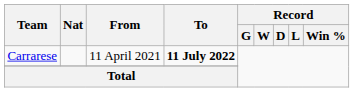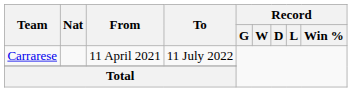 <table class="wikitable" style="text-align: center">
 <tr>
 <th rowspan="2">Team</th>
 <th rowspan="2">Nat</th>
 <th rowspan="2">From</th>
 <th rowspan="2">To</th>
 <th colspan="5">Record</th>
 </tr>
 <tr>
 <th>G</th>
 <th>W</th>
 <th>D</th>
 <th>L</th>
 <th>Win %</th>
 </tr>
 <tr>
 <td align=left><a href='#'>Carrarese</a></td>
 <td></td>
 <td align=left>11 April 2021</td>
-<td align=left><strong>11 July 2022<br></strong></td>
+<td align=left>11 July 2022<br></td>
 </tr>
 <tr>
 </tr>
 <tr>
 <th colspan="4">Total<br></th>
 </tr>
 </table>
